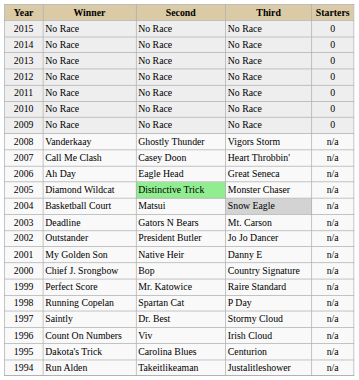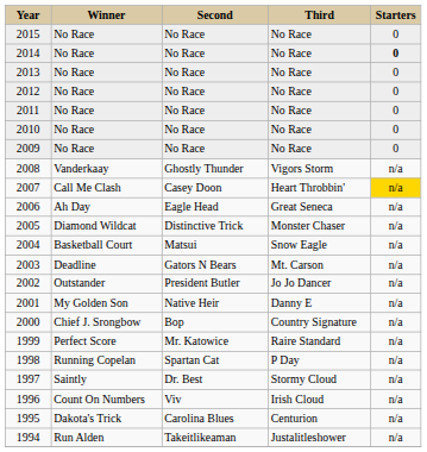 <table class = "wikitable sortable" | border="1" cellpadding="0" style="border-collapse: collapse; font-size:90%">
 <tr bgcolor="#DACAA5" align="center">
 <td width="50px"><strong>Year</strong> <br></td>
 <td width="130px"><strong>Winner</strong> <br></td>
 <td width="125px"><strong>Second</strong> <br></td>
 <td width="120px"><strong>Third</strong> <br></td>
 <td width="55px"><strong>Starters</strong></td>
 </tr>
 <tr bgcolor="#eeeeee">
 <td align=center>2015</td>
 <td>No Race</td>
 <td>No Race</td>
 <td>No Race</td>
 <td align=center>0</td>
 </tr>
 <tr bgcolor="#eeeeee">
 <td align=center>2014</td>
 <td>No Race</td>
 <td>No Race</td>
 <td>No Race</td>
-<td align=center>0</td>
+<td align=center><strong>0</strong></td>
 </tr>
 <tr bgcolor="#eeeeee">
 <td align=center>2013</td>
 <td>No Race</td>
 <td>No Race</td>
 <td>No Race</td>
 <td align=center>0</td>
 </tr>
 <tr bgcolor="#eeeeee">
 <td align=center>2012</td>
 <td>No Race</td>
 <td>No Race</td>
 <td>No Race</td>
 <td align=center>0</td>
 </tr>
 <tr bgcolor="#eeeeee">
 <td align=center>2011</td>
 <td>No Race</td>
 <td>No Race</td>
 <td>No Race</td>
 <td align=center>0</td>
 </tr>
 <tr bgcolor="#eeeeee">
 <td align=center>2010</td>
 <td>No Race</td>
 <td>No Race</td>
 <td>No Race</td>
 <td align=center>0</td>
 </tr>
 <tr bgcolor="#eeeeee">
 <td align=center>2009</td>
 <td>No Race</td>
 <td>No Race</td>
 <td>No Race</td>
 <td align=center>0</td>
 </tr>
 <tr>
 <td align=center>2008</td>
 <td>Vanderkaay</td>
 <td>Ghostly Thunder</td>
 <td>Vigors Storm</td>
 <td align=center>n/a</td>
 </tr>
 <tr>
 <td align=center>2007</td>
 <td>Call Me Clash</td>
 <td>Casey Doon</td>
 <td>Heart Throbbin'</td>
-<td align=center>n/a</td>
+<td align=center style="background: gold;">n/a</td>
 </tr>
 <tr>
 <td align=center>2006</td>
 <td>Ah Day</td>
 <td>Eagle Head</td>
 <td>Great Seneca</td>
 <td align=center>n/a</td>
 </tr>
 <tr>
 <td align=center>2005</td>
 <td>Diamond Wildcat</td>
-<td style="background: lightgreen;">Distinctive Trick</td>
+<td>Distinctive Trick</td>
 <td>Monster Chaser</td>
 <td align=center>n/a</td>
 </tr>
 <tr>
 <td align=center>2004</td>
 <td>Basketball Court</td>
 <td>Matsui</td>
-<td style="background: lightgrey;">Snow Eagle</td>
+<td>Snow Eagle</td>
 <td align=center>n/a</td>
 </tr>
 <tr>
 <td align=center>2003</td>
 <td>Deadline</td>
 <td>Gators N Bears</td>
 <td>Mt. Carson</td>
 <td align=center>n/a</td>
 </tr>
 <tr>
 <td align=center>2002</td>
 <td>Outstander</td>
 <td>President Butler</td>
 <td>Jo Jo Dancer</td>
 <td align=center>n/a</td>
 </tr>
 <tr>
 <td align=center>2001</td>
 <td>My Golden Son</td>
 <td>Native Heir</td>
 <td>Danny E</td>
 <td align=center>n/a</td>
 </tr>
 <tr>
 <td align=center>2000</td>
 <td>Chief J. Srongbow</td>
 <td>Bop</td>
 <td>Country Signature</td>
 <td align=center>n/a</td>
 </tr>
 <tr>
 <td align=center>1999</td>
 <td>Perfect Score</td>
 <td>Mr. Katowice</td>
 <td>Raire Standard</td>
 <td align=center>n/a</td>
 </tr>
 <tr>
 <td align=center>1998</td>
 <td>Running Copelan</td>
 <td>Spartan Cat</td>
 <td>P Day</td>
 <td align=center>n/a</td>
 </tr>
 <tr>
 <td align=center>1997</td>
 <td>Saintly</td>
 <td>Dr. Best</td>
 <td>Stormy Cloud</td>
 <td align=center>n/a</td>
 </tr>
 <tr>
 <td align=center>1996</td>
 <td>Count On Numbers</td>
 <td>Viv</td>
 <td>Irish Cloud</td>
 <td align=center>n/a</td>
 </tr>
 <tr>
 <td align=center>1995</td>
 <td>Dakota's Trick</td>
 <td>Carolina Blues</td>
 <td>Centurion</td>
 <td align=center>n/a</td>
 </tr>
 <tr>
 <td align=center>1994</td>
 <td>Run Alden</td>
 <td>Takeitlikeaman</td>
 <td>Justalitleshower</td>
 <td align=center>n/a</td>
 </tr>
 <tr>
 </tr>
 </table>
